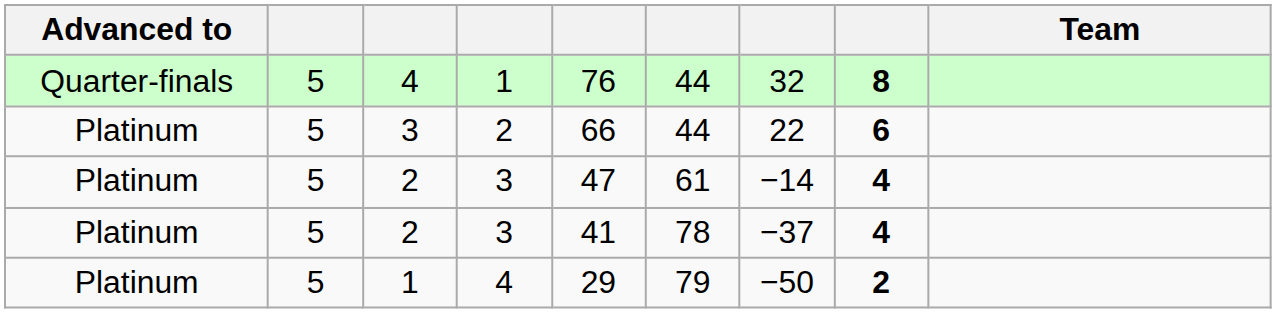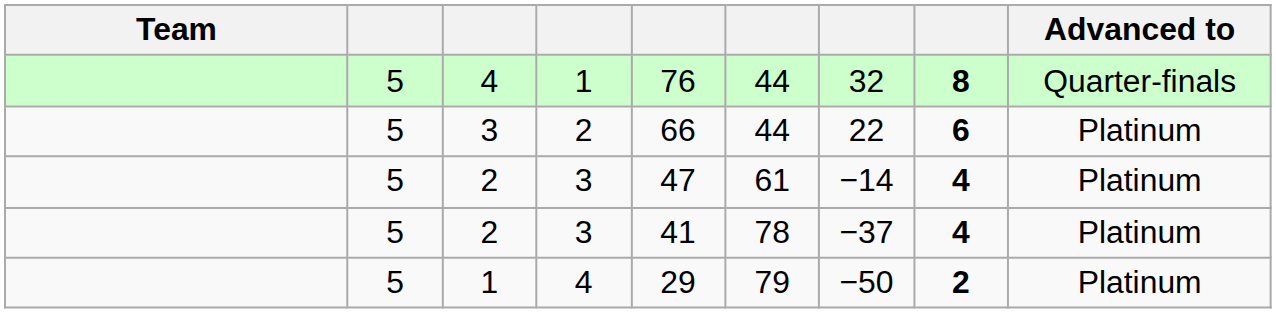 <table class="wikitable" style="text-align:center;">
 <tr>
-<th width=125>Advanced to</th>
+<th width=165>Team</th>
 <th width=40></th>
 <th width=40></th>
 <th width=40></th>
 <th width=40></th>
 <th width=40></th>
 <th width=40></th>
 <th width=40></th>
-<th width=165>Team</th>
+<th width=125>Advanced to</th>
 </tr>
 <tr style="background:#cfc">
-<td>Quarter-finals</td>
+<td style="text-align:left;"></td>
 <td>5</td>
 <td>4</td>
 <td>1</td>
 <td>76</td>
 <td>44</td>
 <td>32</td>
 <td><strong>8</strong></td>
-<td style="text-align:left;"></td>
+<td>Quarter-finals</td>
 </tr>
 <tr style="background:#">
-<td>Platinum</td>
+<td style="text-align:left;"></td>
 <td>5</td>
 <td>3</td>
 <td>2</td>
 <td>66</td>
 <td>44</td>
 <td>22</td>
 <td><strong>6</strong></td>
-<td style="text-align:left;"></td>
+<td>Platinum</td>
 </tr>
 <tr style="background:#">
-<td>Platinum</td>
+<td style="text-align:left;"></td>
 <td>5</td>
 <td>2</td>
 <td>3</td>
 <td>47</td>
 <td>61</td>
 <td>−14</td>
 <td><strong>4</strong></td>
-<td style="text-align:left;"></td>
+<td>Platinum</td>
 </tr>
 <tr style="background:#">
-<td>Platinum</td>
+<td style="text-align:left;"></td>
 <td>5</td>
 <td>2</td>
 <td>3</td>
 <td>41</td>
 <td>78</td>
 <td>−37</td>
 <td><strong>4</strong></td>
-<td style="text-align:left;"></td>
+<td>Platinum</td>
 </tr>
 <tr style="background:#">
-<td>Platinum</td>
+<td style="text-align:left;"></td>
 <td>5</td>
 <td>1</td>
 <td>4</td>
 <td>29</td>
 <td>79</td>
 <td>−50</td>
 <td><strong>2</strong></td>
-<td style="text-align:left;"></td>
+<td>Platinum</td>
 </tr>
 </table>
